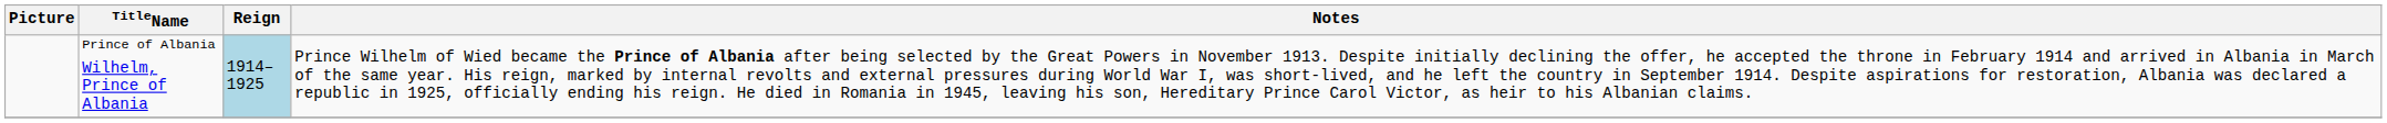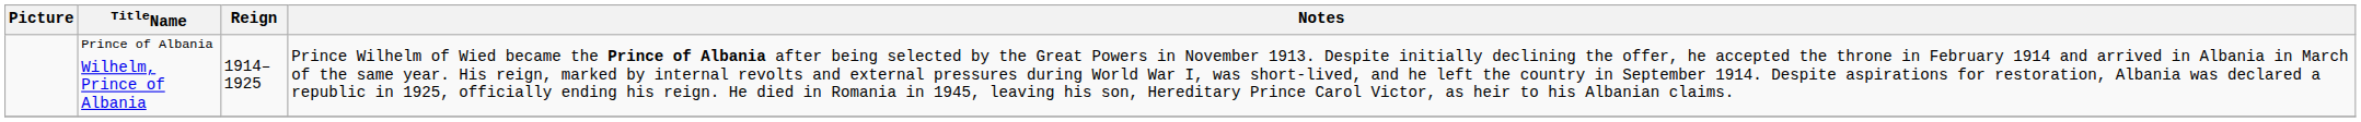 <table class="wikitable">
 <tr ->
 <th>Picture</th>
 <th><sup>Title</sup>Name</th>
 <th>Reign</th>
 <th>Notes</th>
 </tr>
 <tr ->
 <td></td>
 <td><sup>Prince of Albania </sup><br><a href='#'>Wilhelm, Prince of Albania</a></td>
-<td style="background: lightblue;">1914–1925</td>
+<td>1914–1925</td>
 <td>Prince Wilhelm of Wied became the <strong>Prince of Albania</strong> after being selected by the Great Powers in November 1913. Despite initially declining the offer, he accepted the throne in February 1914 and arrived in Albania in March of the same year. His reign, marked by internal revolts and external pressures during World War I, was short-lived, and he left the country in September 1914. Despite aspirations for restoration, Albania was declared a republic in 1925, officially ending his reign. He died in Romania in 1945, leaving his son, Hereditary Prince Carol Victor, as heir to his Albanian claims.</td>
 </tr>
 <tr ->
 </tr>
 </table>
